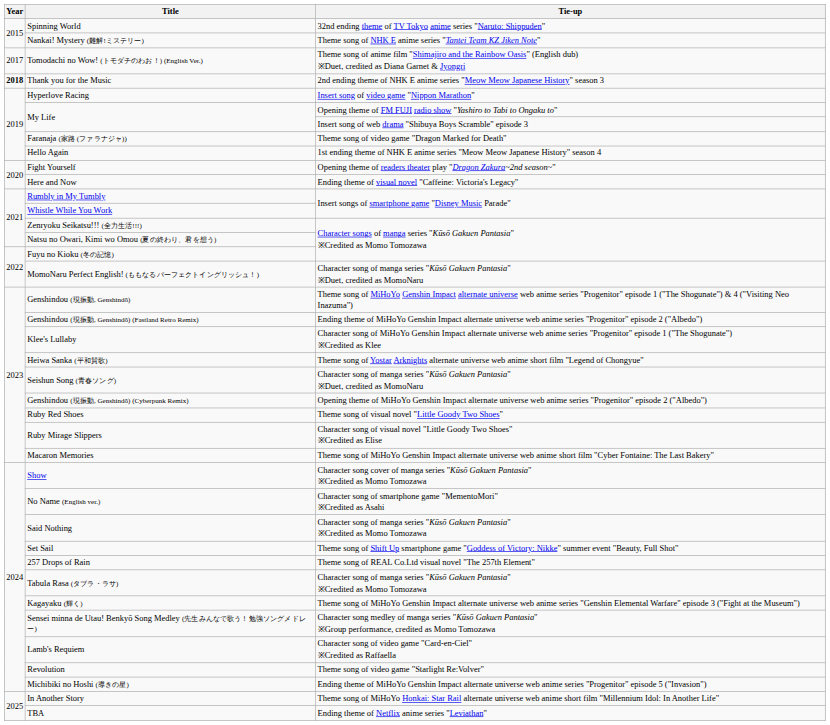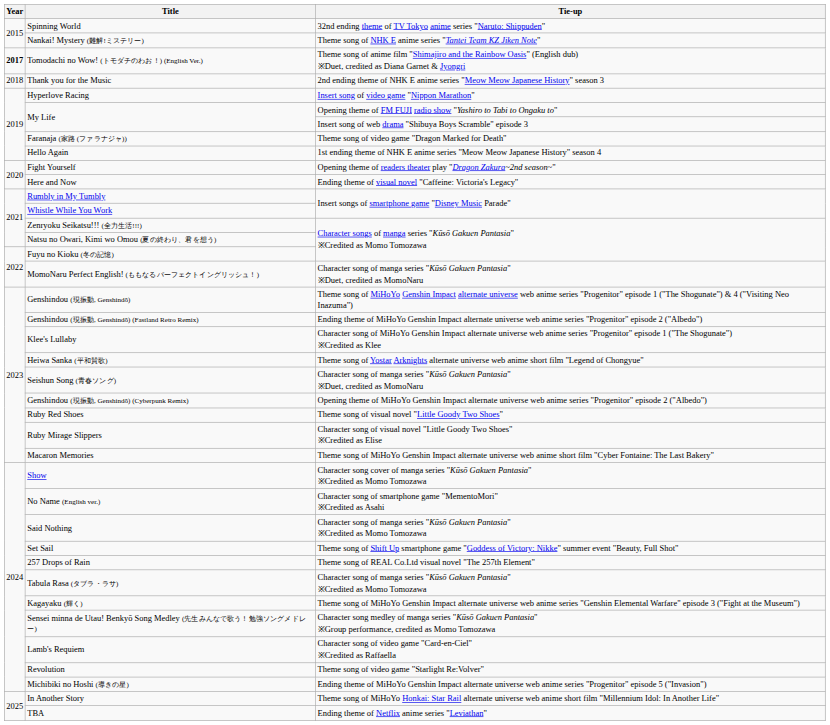 <table class="wikitable" style="font-size:small; margin-right:0px;">
 <tr>
 <th>Year</th>
 <th>Title</th>
 <th>Tie-up</th>
 </tr>
 <tr>
 <td rowspan="2">2015</td>
 <td>Spinning World</td>
 <td>32nd ending <a href='#'>theme</a> of <a href='#'>TV Tokyo</a> <a href='#'>anime</a> series "<a href='#'>Naruto: Shippuden</a>"</td>
 </tr>
 <tr>
 <td>Nankai! Mystery <small>(難解!ミステリー)</small></td>
 <td>Theme song of <a href='#'>NHK E</a> anime series "<em><a href='#'>Tantei Team KZ Jiken Note</a></em>"</td>
 </tr>
 <tr>
-<td>2017</td>
+<td><strong>2017</strong></td>
 <td>Tomodachi no Wow! <small>(トモダチのわお！) (English Ver.)</small></td>
 <td>Theme song of anime film "<a href='#'>Shimajiro and the Rainbow Oasis</a>" (English dub)<br>※Duet, credited as Diana Garnet & <a href='#'>Jyongri</a></td>
 </tr>
 <tr>
-<td><strong>2018</strong></td>
+<td>2018</td>
 <td>Thank you for the Music</td>
 <td>2nd ending theme of NHK E anime series "<a href='#'>Meow Meow Japanese History</a>" season 3</td>
 </tr>
 <tr>
 <td rowspan="5">2019</td>
 <td>Hyperlove Racing</td>
 <td><a href='#'>Insert song</a> of <a href='#'>video game</a> "<a href='#'>Nippon Marathon</a>"</td>
 </tr>
 <tr>
 <td rowspan="2">My Life</td>
 <td>Opening theme of <a href='#'>FM FUJI</a> <a href='#'>radio show</a> "<em>Yashiro to Tabi to Ongaku to</em>"</td>
 </tr>
 <tr>
 <td>Insert song of web <a href='#'>drama</a> "Shibuya Boys Scramble" episode 3</td>
 </tr>
 <tr>
 <td>Faranaja <small>(家路 (ファラナジャ))</small></td>
 <td>Theme song of video game "Dragon Marked for Death"</td>
 </tr>
 <tr>
 <td>Hello Again</td>
 <td>1st ending theme of NHK E anime series "Meow Meow Japanese History" season 4</td>
 </tr>
 <tr>
 <td rowspan="2">2020</td>
 <td>Fight Yourself</td>
 <td>Opening theme of <a href='#'>readers theater</a> play "<em><a href='#'>Dragon Zakura</a>~2nd season~</em>"</td>
 </tr>
 <tr>
 <td>Here and Now</td>
 <td>Ending theme of <a href='#'>visual novel</a> "Caffeine: Victoria's Legacy"</td>
 </tr>
 <tr>
 <td rowspan="4">2021</td>
 <td><a href='#'>Rumbly in My Tumbly</a></td>
 <td rowspan="2">Insert songs of <a href='#'>smartphone game</a> "<a href='#'>Disney Music</a> Parade"</td>
 </tr>
 <tr>
 <td><a href='#'>Whistle While You Work</a></td>
 </tr>
 <tr>
 <td>Zenryoku Seikatsu!!! <small>(全力生活!!!)</small></td>
 <td rowspan="3"><a href='#'>Character songs</a> of <a href='#'>manga</a> series "<em>Kūsō Gakuen Pantasia</em>"<br>※Credited as Momo Tomozawa</td>
 </tr>
 <tr>
 <td>Natsu no Owari, Kimi wo Omou <small>(夏の終わり、君を想う)</small></td>
 </tr>
 <tr>
 <td rowspan="2">2022</td>
 <td>Fuyu no Kioku <small>(冬の記憶)</small></td>
 </tr>
 <tr>
 <td>MomoNaru Perfect English! <small>(ももなるパーフェクトイングリッシュ！)</small></td>
 <td>Character song of manga series "<em>Kūsō Gakuen Pantasia</em>"<br>※Duet, credited as MomoNaru</td>
 </tr>
 <tr>
 <td rowspan="9">2023</td>
 <td>Genshindou <small>(現振動, Genshindō)</small></td>
 <td>Theme song of <a href='#'>MiHoYo</a> <a href='#'>Genshin Impact</a> <a href='#'>alternate universe</a> web anime series "Progenitor" episode 1 ("The Shogunate") & 4 ("Visiting Neo Inazuma")</td>
 </tr>
 <tr>
 <td>Genshindou <small>(現振動, Genshindō) (Fastland Retro Remix)</small></td>
 <td>Ending theme of MiHoYo Genshin Impact alternate universe web anime series "Progenitor" episode 2 ("Albedo")</td>
 </tr>
 <tr>
 <td>Klee's Lullaby</td>
 <td>Character song of MiHoYo Genshin Impact alternate universe web anime series "Progenitor" episode 1 ("The Shogunate")<br>※Credited as Klee</td>
 </tr>
 <tr>
 <td>Heiwa Sanka <small>(平和賛歌)</small></td>
 <td>Theme song of <a href='#'>Yostar</a> <a href='#'>Arknights</a> alternate universe web anime short film "Legend of Chongyue"</td>
 </tr>
 <tr>
 <td>Seishun Song <small>(青春ソング)</small></td>
 <td>Character song of manga series "<em>Kūsō Gakuen Pantasia</em>"<br>※Duet, credited as MomoNaru</td>
 </tr>
 <tr>
 <td>Genshindou <small>(現振動, Genshindō) (Cyberpunk Remix)</small></td>
 <td>Opening theme of MiHoYo Genshin Impact alternate universe web anime series "Progenitor" episode 2 ("Albedo")</td>
 </tr>
 <tr>
 <td>Ruby Red Shoes</td>
 <td>Theme song of visual novel "<a href='#'>Little Goody Two Shoes</a>"</td>
 </tr>
 <tr>
 <td>Ruby Mirage Slippers</td>
 <td>Character song of visual novel "Little Goody Two Shoes"<br>※Credited as Elise</td>
 </tr>
 <tr>
 <td>Macaron Memories</td>
 <td>Theme song of MiHoYo Genshin Impact alternate universe web anime short film "Cyber Fontaine: The Last Bakery"</td>
 </tr>
 <tr>
 <td rowspan="11">2024</td>
 <td><a href='#'>Show</a></td>
 <td>Character song cover of manga series "<em>Kūsō Gakuen Pantasia</em>"<br>※Credited as Momo Tomozawa</td>
 </tr>
 <tr>
 <td>No Name <small>(English ver.)</small></td>
 <td>Character song of smartphone game "MementoMori"<br>※Credited as Asahi</td>
 </tr>
 <tr>
 <td>Said Nothing</td>
 <td>Character song of manga series "<em>Kūsō Gakuen Pantasia</em>"<br>※Credited as Momo Tomozawa</td>
 </tr>
 <tr>
 <td>Set Sail</td>
 <td>Theme song of <a href='#'>Shift Up</a> smartphone game "<a href='#'>Goddess of Victory: Nikke</a>" summer event "Beauty, Full Shot"</td>
 </tr>
 <tr>
 <td>257 Drops of Rain</td>
 <td>Theme song of REAL Co.Ltd visual novel "The 257th Element"</td>
 </tr>
 <tr>
 <td>Tabula Rasa <small>(タブラ・ラサ)</small></td>
 <td>Character song of manga series "<em>Kūsō Gakuen Pantasia</em>"<br>※Credited as Momo Tomozawa</td>
 </tr>
 <tr>
 <td>Kagayaku <small>(輝く)</small></td>
 <td>Theme song of MiHoYo Genshin Impact alternate universe web anime series "Genshin Elemental Warfare" episode 3 ("Fight at the Museum")</td>
 </tr>
 <tr>
 <td>Sensei minna de Utau! Benkyō Song Medley <small>(先生みんなで歌う！勉強ソングメドレー)</small></td>
 <td>Character song medley of manga series "<em>Kūsō Gakuen Pantasia</em>"<br>※Group performance, credited as Momo Tomozawa</td>
 </tr>
 <tr>
 <td>Lamb's Requiem</td>
 <td>Character song of video game "Card-en-Ciel"<br>※Credited as Raffaella</td>
 </tr>
 <tr>
 <td>Revolution</td>
 <td>Theme song of video game "Starlight Re:Volver"</td>
 </tr>
 <tr>
 <td>Michibiki no Hoshi <small>(導きの星)</small></td>
 <td>Ending theme of MiHoYo Genshin Impact alternate universe web anime series "Progenitor" episode 5 ("Invasion")</td>
 </tr>
 <tr>
 <td rowspan="2">2025</td>
 <td>In Another Story</td>
 <td>Theme song of MiHoYo <a href='#'>Honkai: Star Rail</a> alternate universe web anime short film "Millennium Idol: In Another Life"</td>
 </tr>
 <tr>
 <td>TBA</td>
 <td>Ending theme of <a href='#'>Netflix</a> anime series "<a href='#'>Leviathan</a>"</td>
 </tr>
 </table>
